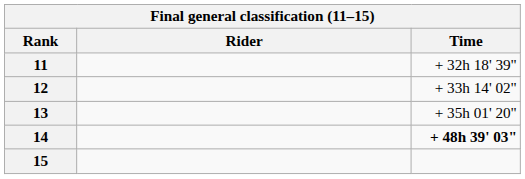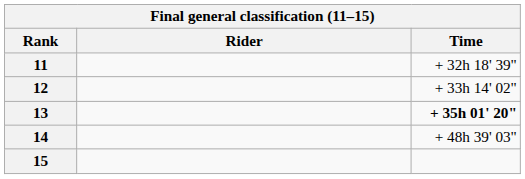 <table class="collapsible collapsed wikitable noprint" style="width:34em;margin-top:-1px;">
 <tr>
 <th colspan=3>Final general classification (11–15)</th>
 </tr>
 <tr>
 <th width=30>Rank</th>
 <th width=200>Rider</th>
 <th width=60>Time</th>
 </tr>
 <tr>
 <th scope="row">11</th>
 <td></td>
 <td style="text-align:right;">+ 32h 18' 39"</td>
 </tr>
 <tr>
 <th scope="row">12</th>
 <td></td>
 <td style="text-align:right;">+ 33h 14' 02"</td>
 </tr>
 <tr>
 <th scope="row">13</th>
 <td></td>
-<td style="text-align:right;">+ 35h 01' 20"</td>
+<td style="text-align:right;"><strong>+ 35h 01' 20"</strong></td>
 </tr>
 <tr>
 <th scope="row">14</th>
 <td></td>
-<td style="text-align:right;"><strong>+ 48h 39' 03"</strong></td>
+<td style="text-align:right;">+ 48h 39' 03"</td>
 </tr>
 <tr>
 <th scope="row">15</th>
 <td></td>
 <td style="text-align:right;"></td>
 </tr>
 </table>
